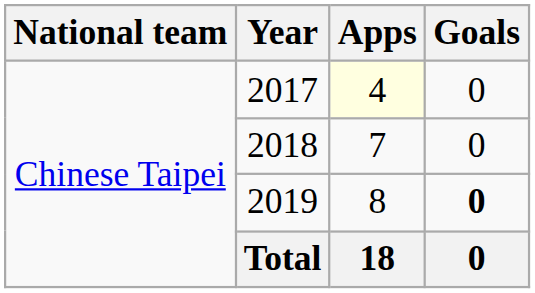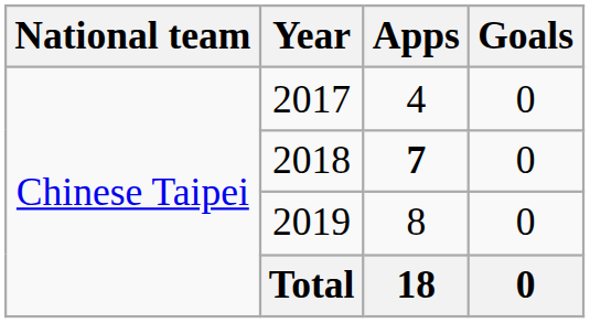 <table class="wikitable" style="text-align:center">
 <tr>
 <th>National team</th>
 <th>Year</th>
 <th>Apps</th>
 <th>Goals</th>
 </tr>
 <tr>
 <td rowspan=4><a href='#'>Chinese Taipei</a></td>
 <td>2017</td>
-<td style="background: lightyellow;">4</td>
+<td>4</td>
 <td>0</td>
 </tr>
 <tr>
 <td>2018</td>
-<td>7</td>
+<td><strong>7</strong></td>
 <td>0</td>
 </tr>
 <tr>
 <td>2019</td>
 <td>8</td>
-<td><strong>0</strong></td>
+<td>0</td>
 </tr>
 <tr>
 <th colspan=1>Total</th>
 <th>18</th>
 <th>0</th>
 </tr>
 </table>
